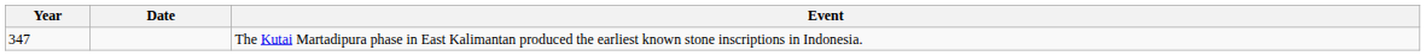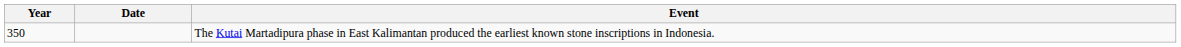 <table class="wikitable" width="100%">
 <tr>
 <th style="width:6%">Year</th>
 <th style="width:10%">Date</th>
 <th>Event</th>
 </tr>
 <tr>
-<td>347</td>
+<td>350</td>
 <td></td>
 <td>The <a href='#'>Kutai</a> Martadipura phase in East Kalimantan produced the earliest known stone inscriptions in Indonesia.</td>
 </tr>
 </table>
